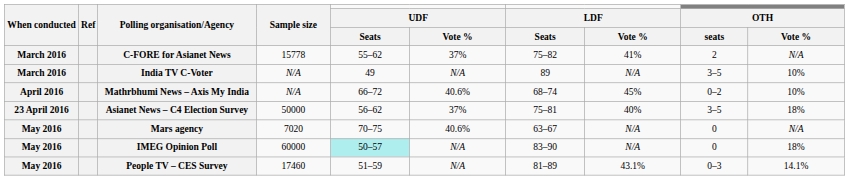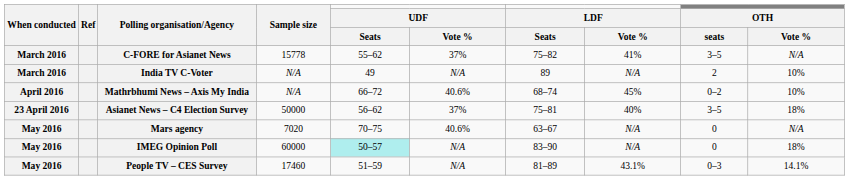 <table class="wikitable collapsible" style="text-align:center;font-size:85%;width:95%;line-height:20px;">
 <tr>
 <th rowspan="3" class="wikitable" style="width:100px;">When conducted</th>
 <th rowspan="3" class="wikitable" style="width:10px;">Ref</th>
 <th rowspan="3" class="wikitable" style="width:220px;">Polling organisation/Agency</th>
 <th rowspan="3" class="wikitable" style="width:100px;">Sample size</th>
 <td colspan="2" style="background:"></td>
 <td colspan="2" style="background:"></td>
 <td colspan="2" style="background:gray; width:70px;"></td>
 </tr>
 <tr>
 <th colspan="2" class="wikitable" style="width:70px;">UDF</th>
 <th colspan="2" class="wikitable" style="width:70px;">LDF</th>
 <th colspan="2" class="wikitable" style="width:70px;">OTH</th>
 </tr>
 <tr>
 <th>Seats</th>
 <th>Vote %</th>
 <th>Seats</th>
 <th>Vote %</th>
 <th>seats</th>
 <th>Vote %</th>
 </tr>
 <tr class="hintergrundfarbe2" style="text-align:center">
 <th>March 2016</th>
 <th></th>
 <th>C-FORE for Asianet News </th>
 <td>15778</td>
 <td>55–62</td>
 <td>37%</td>
 <td>75–82</td>
 <td>41%</td>
-<td>2</td>
+<td>3–5</td>
 <td><em>N/A</em></td>
 </tr>
 <tr>
 <th>March 2016</th>
 <th></th>
 <th>India TV C-Voter</th>
 <td><em>N/A</em></td>
 <td>49</td>
 <td><em>N/A</em></td>
 <td>89</td>
 <td><em>N/A</em></td>
-<td>3–5</td>
+<td>2</td>
 <td>10%</td>
 </tr>
 <tr>
 <th>April 2016</th>
 <th></th>
 <th>Mathrbhumi News – Axis My India</th>
 <td><em>N/A</em></td>
 <td>66–72</td>
 <td>40.6%</td>
 <td>68–74</td>
 <td>45%</td>
 <td>0–2</td>
 <td>10%</td>
 </tr>
 <tr>
 <th>23 April 2016</th>
 <th></th>
 <th>Asianet News – C4 Election Survey</th>
 <td>50000</td>
 <td>56–62</td>
 <td>37%</td>
 <td>75–81</td>
 <td>40%</td>
 <td>3–5</td>
 <td>18%</td>
 </tr>
 <tr>
 <th>May 2016</th>
 <th></th>
 <th>Mars agency</th>
 <td>7020</td>
 <td>70–75</td>
 <td>40.6%</td>
 <td>63–67</td>
 <td><em>N/A</em></td>
 <td>0</td>
 <td><em>N/A</em></td>
 </tr>
 <tr>
 <th>May 2016</th>
 <th></th>
 <th>IMEG Opinion Poll</th>
 <td>60000</td>
 <td style="background: paleturquoise;">50–57</td>
 <td><em>N/A</em></td>
 <td>83–90</td>
 <td><em>N/A</em></td>
 <td>0</td>
 <td>18%</td>
 </tr>
 <tr>
 <th>May 2016</th>
 <th></th>
 <th>People TV – CES Survey</th>
 <td>17460</td>
 <td>51–59</td>
 <td><em>N/A</em></td>
 <td>81–89</td>
 <td>43.1%</td>
 <td>0–3</td>
 <td>14.1%</td>
 </tr>
 </table>
